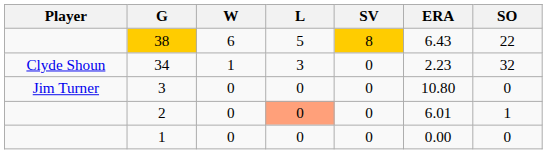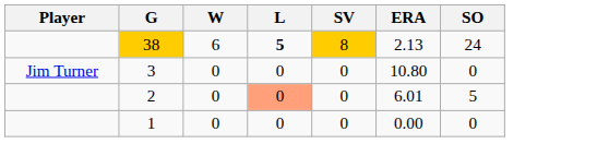 <table class="wikitable sortable">
 <tr>
 <th bgcolor="#DDDDFF" width="16%">Player</th>
 <th bgcolor="#DDDDFF" width="9%">G</th>
 <th bgcolor="#DDDDFF" width="9%">W</th>
 <th bgcolor="#DDDDFF" width="9%">L</th>
 <th bgcolor="#DDDDFF" width="9%">SV</th>
 <th bgcolor="#DDDDFF" width="9%">ERA</th>
 <th bgcolor="#DDDDFF" width="9%">SO</th>
 </tr>
 <tr align="center">
 <td></td>
 <td style="background:#fc0;">38</td>
 <td>6</td>
-<td>5</td>
+<td><strong>5</strong></td>
 <td style="background:#fc0;">8</td>
-<td>6.43</td>
-<td>22</td>
-</tr>
-<tr align="center">
-<td><a href='#'>Clyde Shoun</a></td>
-<td>34</td>
-<td>1</td>
-<td>3</td>
-<td>0</td>
-<td>2.23</td>
-<td>32</td>
+<td>2.13</td>
+<td>24</td>
 </tr>
 <tr align="center">
 <td><a href='#'>Jim Turner</a></td>
 <td>3</td>
 <td>0</td>
 <td>0</td>
 <td>0</td>
 <td>10.80</td>
 <td>0</td>
 </tr>
 <tr align="center">
 <td></td>
 <td>2</td>
 <td>0</td>
 <td style="background: lightsalmon;">0</td>
 <td>0</td>
 <td>6.01</td>
-<td>1</td>
+<td>5</td>
 </tr>
 <tr align="center">
 <td></td>
 <td>1</td>
 <td>0</td>
 <td>0</td>
 <td>0</td>
 <td>0.00</td>
 <td>0</td>
 </tr>
 </table>
